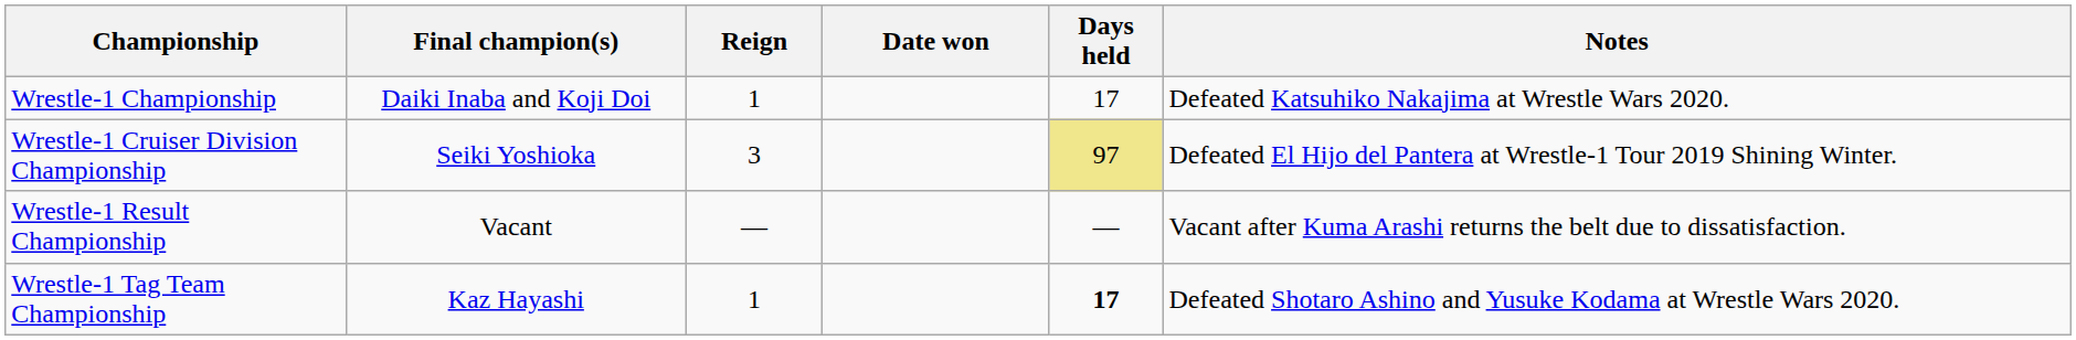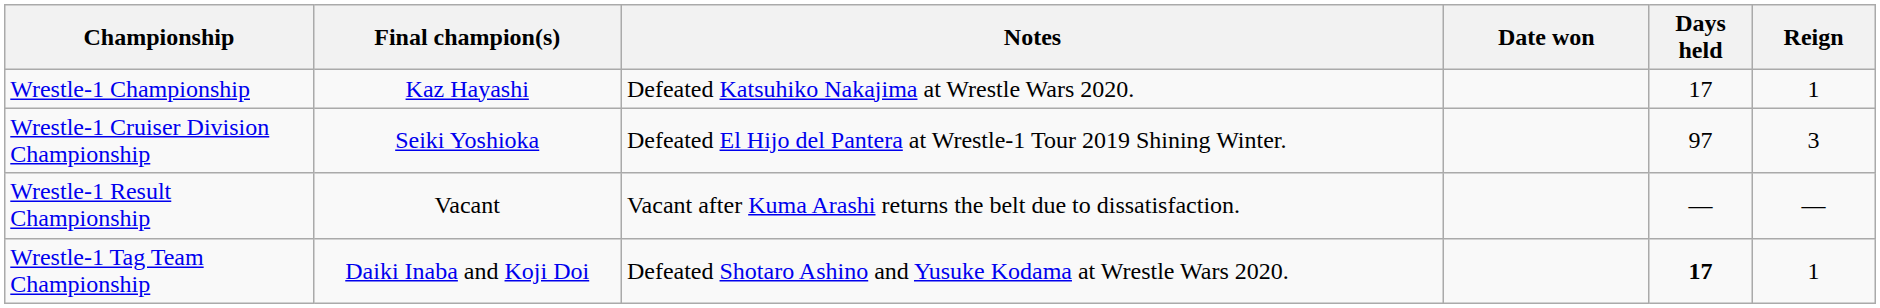 <table class="wikitable" style="text-align:center;">
 <tr>
 <th style="width: 15%">Championship</th>
 <th style="width: 15%">Final champion(s)</th>
-<th style="width: 6%">Reign</th>
+<th style="width: 40%">Notes</th>
 <th style="width: 10%">Date won</th>
 <th style="width: 5%">Days held</th>
-<th style="width: 40%">Notes</th>
+<th style="width: 6%">Reign</th>
 </tr>
 <tr>
 <td align=left><a href='#'>Wrestle-1 Championship</a></td>
-<td><a href='#'>Daiki Inaba</a> and <a href='#'>Koji Doi</a></td>
-<td>1</td>
+<td><a href='#'>Kaz Hayashi</a></td>
+<td align=left>Defeated <a href='#'>Katsuhiko Nakajima</a> at Wrestle Wars 2020.</td>
 <td></td>
 <td>17</td>
-<td align=left>Defeated <a href='#'>Katsuhiko Nakajima</a> at Wrestle Wars 2020.</td>
+<td>1</td>
 </tr>
 <tr>
 <td align=left><a href='#'>Wrestle-1 Cruiser Division Championship</a></td>
 <td><a href='#'>Seiki Yoshioka</a></td>
+<td align=left>Defeated <a href='#'>El Hijo del Pantera</a> at Wrestle-1 Tour 2019 Shining Winter.</td>
+<td></td>
+<td>97</td>
 <td>3</td>
-<td></td>
-<td style="background: khaki;">97</td>
-<td align=left>Defeated <a href='#'>El Hijo del Pantera</a> at Wrestle-1 Tour 2019 Shining Winter.</td>
 </tr>
 <tr>
 <td align=left><a href='#'>Wrestle-1 Result Championship</a></td>
 <td>Vacant</td>
-<td>—</td>
+<td align=left>Vacant after <a href='#'>Kuma Arashi</a> returns the belt due to dissatisfaction.</td>
 <td></td>
 <td>—</td>
-<td align=left>Vacant after <a href='#'>Kuma Arashi</a> returns the belt due to dissatisfaction.</td>
+<td>—</td>
 </tr>
 <tr>
 <td align=left><a href='#'>Wrestle-1 Tag Team Championship</a></td>
-<td><a href='#'>Kaz Hayashi</a></td>
-<td>1 <br></td>
+<td><a href='#'>Daiki Inaba</a> and <a href='#'>Koji Doi</a></td>
+<td align=left>Defeated <a href='#'>Shotaro Ashino</a> and <a href='#'>Yusuke Kodama</a> at Wrestle Wars 2020.</td>
 <td></td>
 <td><strong>17</strong></td>
-<td align=left>Defeated <a href='#'>Shotaro Ashino</a> and <a href='#'>Yusuke Kodama</a> at Wrestle Wars 2020.</td>
+<td>1 <br></td>
 </tr>
 </table>
